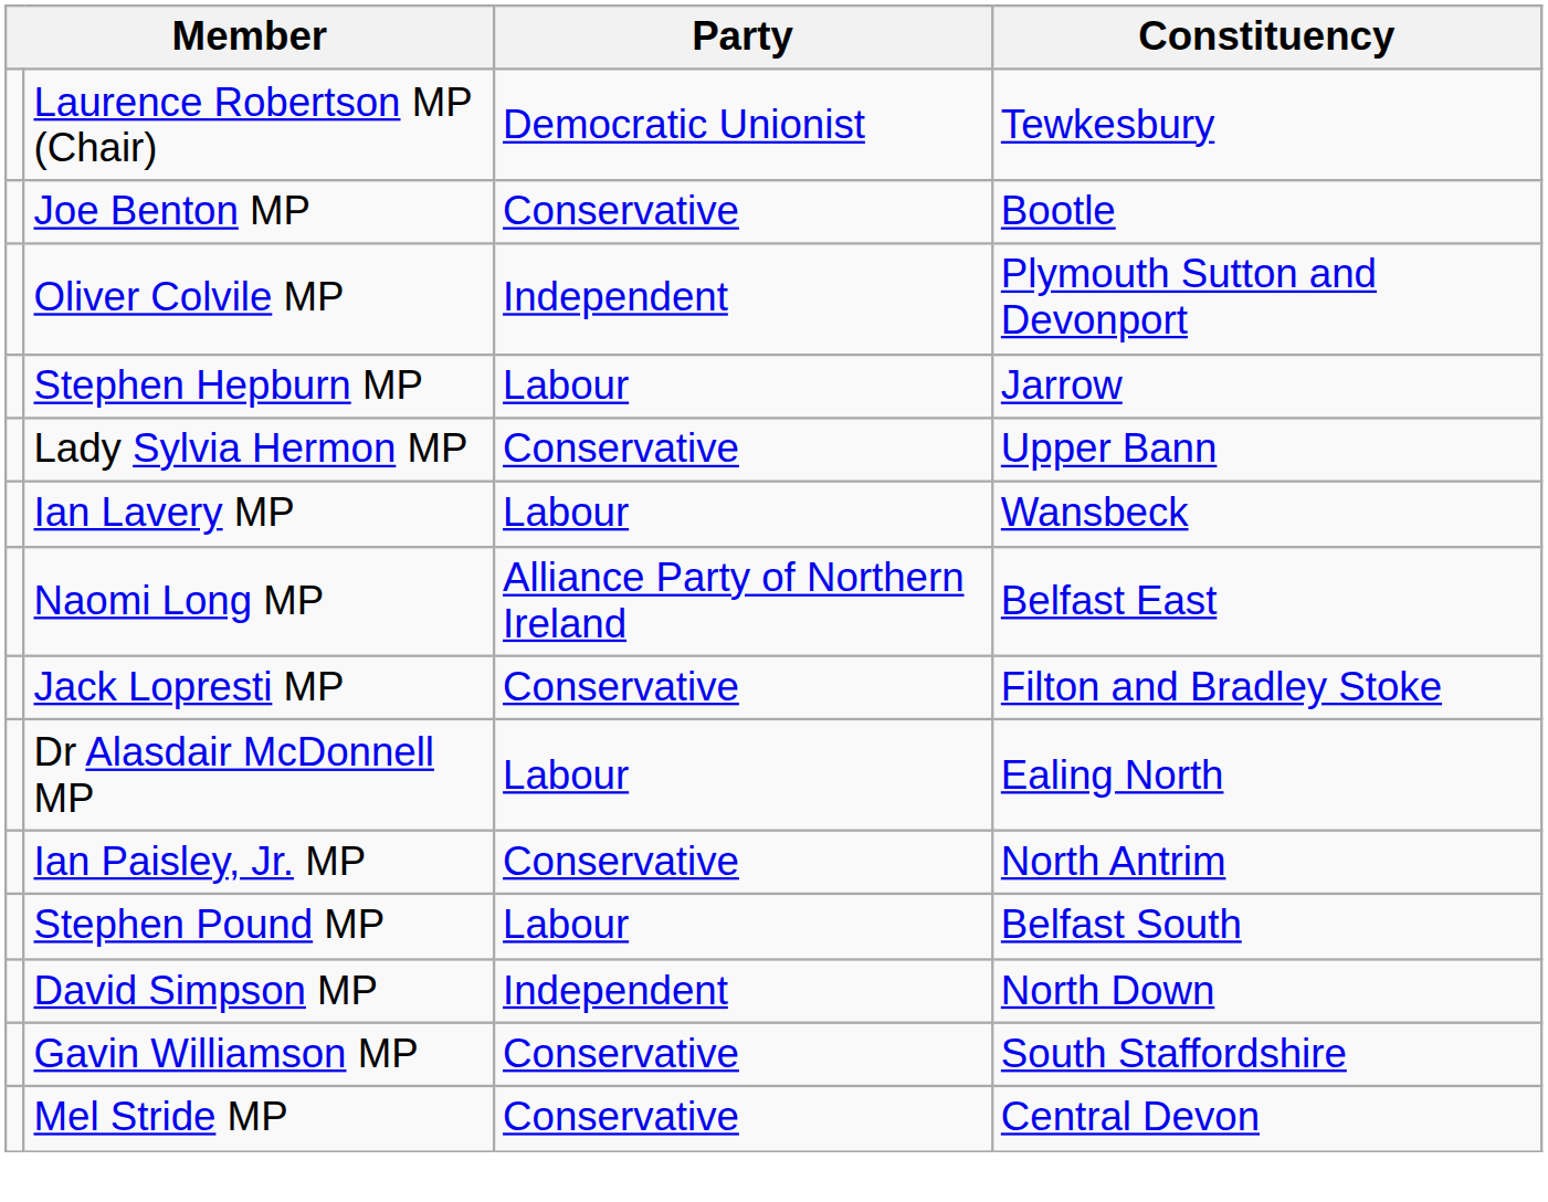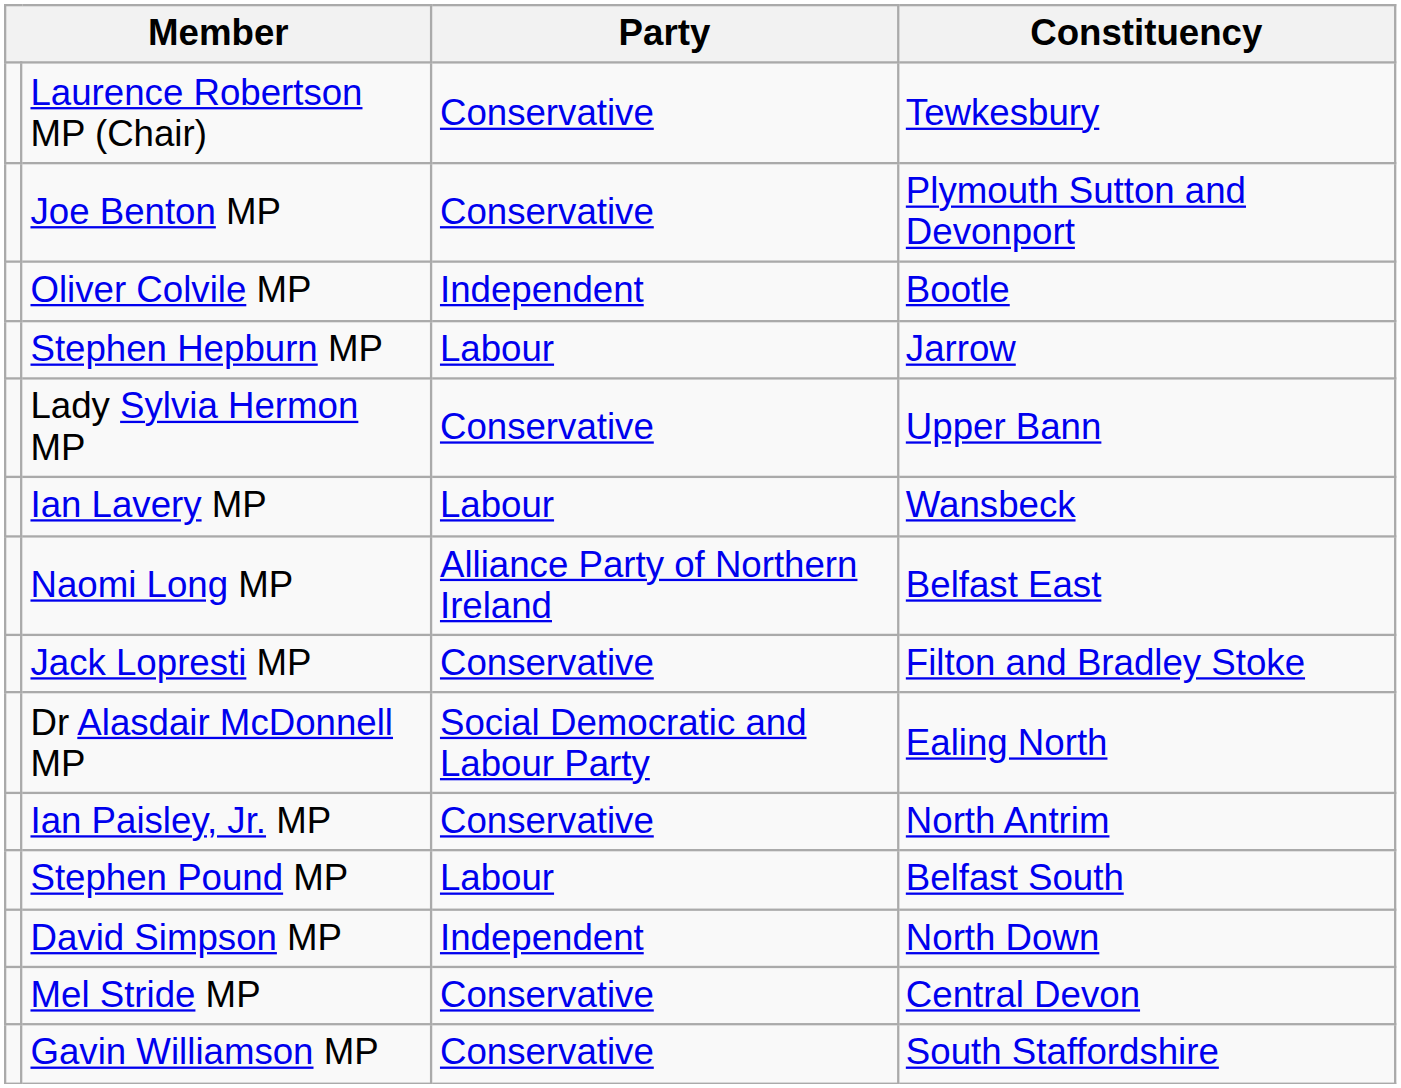 <table class="wikitable">
 <tr>
 <th width="160px" colspan="2" valign="top">Member</th>
 <th valign="top">Party</th>
 <th width="210px" valign="top">Constituency</th>
 </tr>
 <tr>
 <td style="color:inherit;background:"></td>
 <td><a href='#'>Laurence Robertson</a> MP (Chair)</td>
-<td><a href='#'>Democratic Unionist</a></td>
+<td><a href='#'>Conservative</a></td>
 <td><a href='#'>Tewkesbury</a></td>
 </tr>
 <tr>
 <td style="color:inherit;background:"></td>
 <td><a href='#'>Joe Benton</a> MP</td>
 <td><a href='#'>Conservative</a></td>
-<td><a href='#'>Bootle</a></td>
+<td><a href='#'>Plymouth Sutton and Devonport</a></td>
 </tr>
 <tr>
 <td style="color:inherit;background:"></td>
 <td><a href='#'>Oliver Colvile</a> MP</td>
 <td><a href='#'>Independent</a></td>
-<td><a href='#'>Plymouth Sutton and Devonport</a></td>
+<td><a href='#'>Bootle</a></td>
 </tr>
 <tr>
 <td style="color:inherit;background:"></td>
 <td><a href='#'>Stephen Hepburn</a> MP</td>
 <td><a href='#'>Labour</a></td>
 <td><a href='#'>Jarrow</a></td>
 </tr>
 <tr>
 <td style="color:inherit;background:"></td>
 <td>Lady <a href='#'>Sylvia Hermon</a> MP</td>
 <td><a href='#'>Conservative</a></td>
 <td><a href='#'>Upper Bann</a></td>
 </tr>
 <tr>
 <td style="color:inherit;background:"></td>
 <td><a href='#'>Ian Lavery</a> MP</td>
 <td><a href='#'>Labour</a></td>
 <td><a href='#'>Wansbeck</a></td>
 </tr>
 <tr>
 <td style="color:inherit;background:"></td>
 <td><a href='#'>Naomi Long</a> MP</td>
 <td><a href='#'>Alliance Party of Northern Ireland</a></td>
 <td><a href='#'>Belfast East</a></td>
 </tr>
 <tr>
 <td style="color:inherit;background:"></td>
 <td><a href='#'>Jack Lopresti</a> MP</td>
 <td><a href='#'>Conservative</a></td>
 <td><a href='#'>Filton and Bradley Stoke</a></td>
 </tr>
 <tr>
 <td style="color:inherit;background:"></td>
 <td>Dr <a href='#'>Alasdair McDonnell</a> MP</td>
-<td><a href='#'>Labour</a></td>
+<td><a href='#'>Social Democratic and Labour Party</a></td>
 <td><a href='#'>Ealing North</a></td>
 </tr>
 <tr>
 <td style="color:inherit;background:"></td>
 <td><a href='#'>Ian Paisley, Jr.</a> MP</td>
 <td><a href='#'>Conservative</a></td>
 <td><a href='#'>North Antrim</a></td>
 </tr>
 <tr>
 <td style="color:inherit;background:"></td>
 <td><a href='#'>Stephen Pound</a> MP</td>
 <td><a href='#'>Labour</a></td>
 <td><a href='#'>Belfast South</a></td>
 </tr>
 <tr>
 <td style="color:inherit;background:"></td>
 <td><a href='#'>David Simpson</a> MP</td>
 <td><a href='#'>Independent</a></td>
 <td><a href='#'>North Down</a></td>
 </tr>
 <tr>
 <td style="color:inherit;background:"></td>
+<td><a href='#'>Mel Stride</a> MP</td>
+<td><a href='#'>Conservative</a></td>
+<td><a href='#'>Central Devon</a></td>
+</tr>
+<tr>
+<td style="color:inherit;background:"></td>
 <td><a href='#'>Gavin Williamson</a> MP</td>
 <td><a href='#'>Conservative</a></td>
 <td><a href='#'>South Staffordshire</a></td>
 </tr>
-<tr>
-<td style="color:inherit;background:"></td>
-<td><a href='#'>Mel Stride</a> MP</td>
-<td><a href='#'>Conservative</a></td>
-<td><a href='#'>Central Devon</a></td>
-</tr>
 </table>
